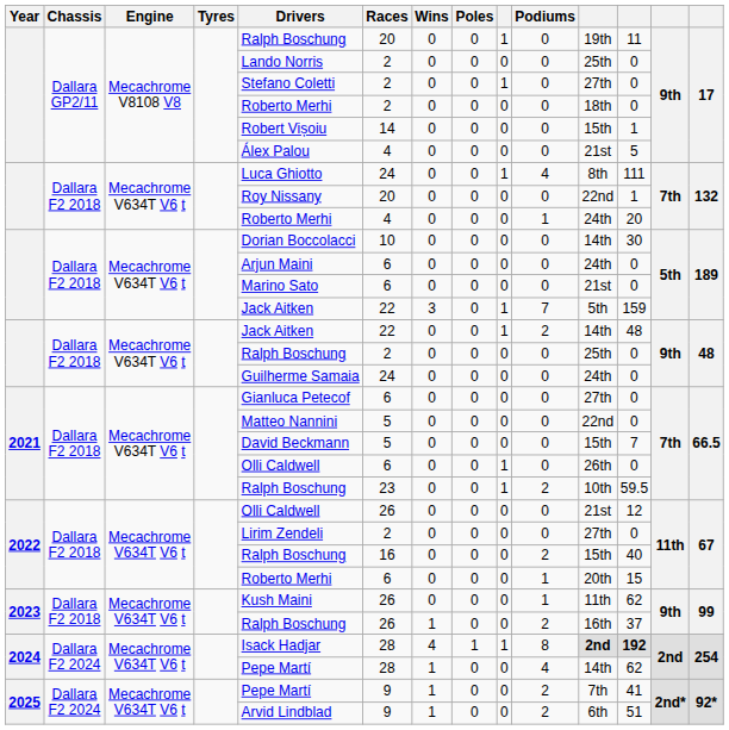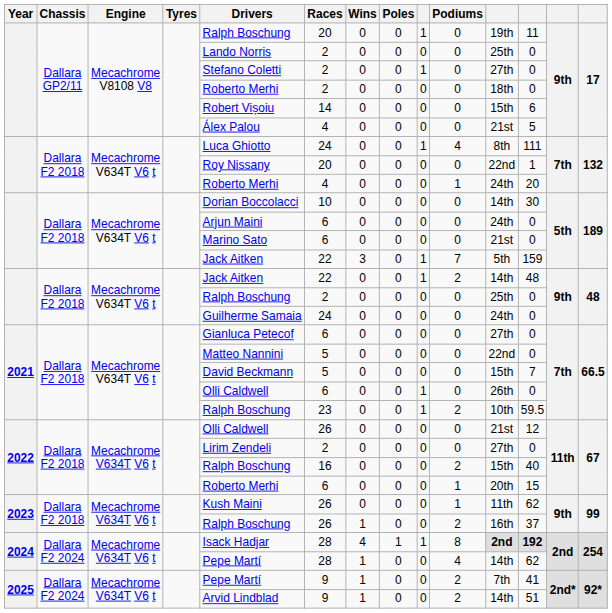 <table class="wikitable" style="text-align:center; font-size:85%">
 <tr>
 <th>Year</th>
 <th>Chassis</th>
 <th>Engine</th>
 <th>Tyres</th>
 <th>Drivers</th>
 <th>Races</th>
 <th>Wins</th>
 <th>Poles</th>
 <th></th>
 <th>Podiums</th>
 <th></th>
 <th></th>
 <th></th>
 <th></th>
 </tr>
 <tr>
 <th rowspan=6></th>
 <td rowspan=6><a href='#'>Dallara</a><br><a href='#'>GP2/11</a></td>
 <td rowspan=6><a href='#'>Mecachrome</a><br>V8108 <a href='#'>V8</a></td>
 <td rowspan=6></td>
 <td align=left> <a href='#'>Ralph Boschung</a></td>
 <td>20</td>
 <td>0</td>
 <td>0</td>
 <td>1</td>
 <td>0</td>
 <td>19th</td>
 <td>11</td>
 <th rowspan=6>9th</th>
 <th rowspan=6>17</th>
 </tr>
 <tr>
 <td align=left> <a href='#'>Lando Norris</a></td>
 <td>2</td>
 <td>0</td>
 <td>0</td>
 <td>0</td>
 <td>0</td>
 <td>25th</td>
 <td>0</td>
 </tr>
 <tr>
 <td align=left> <a href='#'>Stefano Coletti</a></td>
 <td>2</td>
 <td>0</td>
 <td>0</td>
 <td>1</td>
 <td>0</td>
 <td>27th</td>
 <td>0</td>
 </tr>
 <tr>
 <td align=left> <a href='#'>Roberto Merhi</a></td>
 <td>2</td>
 <td>0</td>
 <td>0</td>
 <td>0</td>
 <td>0</td>
 <td>18th</td>
 <td>0</td>
 </tr>
 <tr>
 <td align=left> <a href='#'>Robert Vișoiu</a></td>
 <td>14</td>
 <td>0</td>
 <td>0</td>
 <td>0</td>
 <td>0</td>
 <td>15th</td>
-<td>1</td>
+<td>6</td>
 </tr>
 <tr>
 <td align=left> <a href='#'>Álex Palou</a></td>
 <td>4</td>
 <td>0</td>
 <td>0</td>
 <td>0</td>
 <td>0</td>
 <td>21st</td>
 <td>5</td>
 </tr>
 <tr>
 <th rowspan=3></th>
 <td rowspan=3><a href='#'>Dallara</a><br><a href='#'>F2 2018</a></td>
 <td rowspan=3><a href='#'>Mecachrome</a><br>V634T <a href='#'>V6</a> <a href='#'>t</a></td>
 <td rowspan=3></td>
 <td align=left> <a href='#'>Luca Ghiotto</a></td>
 <td>24</td>
 <td>0</td>
 <td>0</td>
 <td>1</td>
 <td>4</td>
 <td>8th</td>
 <td>111</td>
 <th rowspan=3>7th</th>
 <th rowspan=3>132</th>
 </tr>
 <tr>
 <td align=left> <a href='#'>Roy Nissany</a></td>
 <td>20</td>
 <td>0</td>
 <td>0</td>
 <td>0</td>
 <td>0</td>
 <td>22nd</td>
 <td>1</td>
 </tr>
 <tr>
 <td align=left> <a href='#'>Roberto Merhi</a></td>
 <td>4</td>
 <td>0</td>
 <td>0</td>
 <td>0</td>
 <td>1</td>
 <td>24th</td>
 <td>20</td>
 </tr>
 <tr>
 <th rowspan=4></th>
 <td rowspan=4><a href='#'>Dallara</a><br><a href='#'>F2 2018</a></td>
 <td rowspan=4><a href='#'>Mecachrome</a><br>V634T <a href='#'>V6</a> <a href='#'>t</a></td>
 <td rowspan=4></td>
 <td align=left> <a href='#'>Dorian Boccolacci</a></td>
 <td>10</td>
 <td>0</td>
 <td>0</td>
 <td>0</td>
 <td>0</td>
 <td>14th</td>
 <td>30</td>
 <th rowspan=4>5th</th>
 <th rowspan=4>189</th>
 </tr>
 <tr>
 <td align=left> <a href='#'>Arjun Maini</a></td>
 <td>6</td>
 <td>0</td>
 <td>0</td>
 <td>0</td>
 <td>0</td>
 <td>24th</td>
 <td>0</td>
 </tr>
 <tr>
 <td align=left> <a href='#'>Marino Sato</a></td>
 <td>6</td>
 <td>0</td>
 <td>0</td>
 <td>0</td>
 <td>0</td>
 <td>21st</td>
 <td>0</td>
 </tr>
 <tr>
 <td align=left> <a href='#'>Jack Aitken</a></td>
 <td>22</td>
 <td>3</td>
 <td>0</td>
 <td>1</td>
 <td>7</td>
 <td>5th</td>
 <td>159</td>
 </tr>
 <tr>
 <th rowspan=3></th>
 <td rowspan=3><a href='#'>Dallara</a><br><a href='#'>F2 2018</a></td>
 <td rowspan=3><a href='#'>Mecachrome</a><br>V634T <a href='#'>V6</a> <a href='#'>t</a></td>
 <td rowspan=3></td>
 <td align=left> <a href='#'>Jack Aitken</a></td>
 <td>22</td>
 <td>0</td>
 <td>0</td>
 <td>1</td>
 <td>2</td>
 <td>14th</td>
 <td>48</td>
 <th rowspan=3>9th</th>
 <th rowspan=3>48</th>
 </tr>
 <tr>
 <td align=left> <a href='#'>Ralph Boschung</a></td>
 <td>2</td>
 <td>0</td>
 <td>0</td>
 <td>0</td>
 <td>0</td>
 <td>25th</td>
 <td>0</td>
 </tr>
 <tr>
 <td align=left> <a href='#'>Guilherme Samaia</a></td>
 <td>24</td>
 <td>0</td>
 <td>0</td>
 <td>0</td>
 <td>0</td>
 <td>24th</td>
 <td>0</td>
 </tr>
 <tr>
 <th rowspan=5><a href='#'>2021</a></th>
 <td rowspan=5><a href='#'>Dallara</a><br><a href='#'>F2 2018</a></td>
 <td rowspan=5><a href='#'>Mecachrome</a><br>V634T <a href='#'>V6</a> <a href='#'>t</a></td>
 <td rowspan=5></td>
 <td align=left> <a href='#'>Gianluca Petecof</a></td>
 <td>6</td>
 <td>0</td>
 <td>0</td>
 <td>0</td>
 <td>0</td>
 <td>27th</td>
 <td>0</td>
 <th rowspan=5>7th</th>
 <th rowspan=5>66.5</th>
 </tr>
 <tr>
 <td align=left> <a href='#'>Matteo Nannini</a></td>
 <td>5</td>
 <td>0</td>
 <td>0</td>
 <td>0</td>
 <td>0</td>
 <td>22nd</td>
 <td>0</td>
 </tr>
 <tr>
 <td align=left> <a href='#'>David Beckmann</a></td>
 <td>5</td>
 <td>0</td>
 <td>0</td>
 <td>0</td>
 <td>0</td>
 <td>15th</td>
 <td>7</td>
 </tr>
 <tr>
 <td align=left> <a href='#'>Olli Caldwell</a></td>
 <td>6</td>
 <td>0</td>
 <td>0</td>
 <td>1</td>
 <td>0</td>
 <td>26th</td>
 <td>0</td>
 </tr>
 <tr>
 <td align=left> <a href='#'>Ralph Boschung</a></td>
 <td>23</td>
 <td>0</td>
 <td>0</td>
 <td>1</td>
 <td>2</td>
 <td>10th</td>
 <td>59.5</td>
 </tr>
 <tr>
 <th rowspan=4><a href='#'>2022</a></th>
 <td rowspan=4><a href='#'>Dallara</a><br><a href='#'>F2 2018</a></td>
 <td rowspan=4><a href='#'>Mecachrome</a><br><a href='#'>V634T</a> <a href='#'>V6</a> <a href='#'>t</a></td>
 <td rowspan=4></td>
 <td align=left> <a href='#'>Olli Caldwell</a></td>
 <td>26</td>
 <td>0</td>
 <td>0</td>
 <td>0</td>
 <td>0</td>
 <td style="background:;">21st</td>
 <td style="background:;">12</td>
 <th rowspan=4 style="background:;">11th</th>
 <th rowspan=4 style="background:;">67</th>
 </tr>
 <tr>
 <td align=left> <a href='#'>Lirim Zendeli</a></td>
 <td>2</td>
 <td>0</td>
 <td>0</td>
 <td>0</td>
 <td>0</td>
 <td>27th</td>
 <td>0</td>
 </tr>
 <tr>
 <td align=left> <a href='#'>Ralph Boschung</a></td>
 <td>16</td>
 <td>0</td>
 <td>0</td>
 <td>0</td>
 <td>2</td>
 <td>15th</td>
 <td>40</td>
 </tr>
 <tr>
 <td align=left> <a href='#'>Roberto Merhi</a></td>
 <td>6</td>
 <td>0</td>
 <td>0</td>
 <td>0</td>
 <td>1</td>
 <td>20th</td>
 <td>15</td>
 </tr>
 <tr>
 <th rowspan="2"><a href='#'>2023</a></th>
 <td rowspan=2><a href='#'>Dallara</a><br><a href='#'>F2 2018</a></td>
 <td rowspan=2><a href='#'>Mecachrome</a><br><a href='#'>V634T</a> <a href='#'>V6</a> <a href='#'>t</a></td>
 <td rowspan=2></td>
 <td align=left> <a href='#'>Kush Maini</a></td>
 <td>26</td>
 <td>0</td>
 <td>0</td>
 <td>0</td>
 <td>1</td>
 <td style="background:#;">11th</td>
 <td style="background:#;">62</td>
 <th rowspan="2" style="background:#;">9th</th>
 <th rowspan="2" style="background:#;">99</th>
 </tr>
 <tr>
 <td align=left> <a href='#'>Ralph Boschung</a></td>
 <td>26</td>
 <td>1</td>
 <td>0</td>
 <td>0</td>
 <td>2</td>
 <td style="background:#;">16th</td>
 <td style="background:#;">37</td>
 </tr>
 <tr>
 <th rowspan="2"><a href='#'>2024</a></th>
 <td rowspan=2><a href='#'>Dallara</a><br><a href='#'>F2 2024</a></td>
 <td rowspan=2><a href='#'>Mecachrome</a><br><a href='#'>V634T</a> <a href='#'>V6</a> <a href='#'>t</a></td>
 <td rowspan=2></td>
 <td align=left> <a href='#'>Isack Hadjar</a></td>
 <td>28</td>
 <td>4</td>
 <td>1</td>
 <td>1</td>
 <td>8</td>
 <td style="background:#DFDFDF;"><strong>2nd</strong></td>
 <td style="background:#DFDFDF;"><strong>192</strong></td>
 <th rowspan="2" style="background:#DFDFDF;">2nd</th>
 <th rowspan="2" style="background:#DFDFDF;">254</th>
 </tr>
 <tr>
 <td align=left> <a href='#'>Pepe Martí</a></td>
 <td>28</td>
 <td>1</td>
 <td>0</td>
 <td>0</td>
 <td>4</td>
 <td style="background:#;">14th</td>
 <td style="background:#;">62</td>
 </tr>
 <tr>
 <th rowspan="2"><a href='#'>2025</a></th>
 <td rowspan=2><a href='#'>Dallara</a><br><a href='#'>F2 2024</a></td>
 <td rowspan=2><a href='#'>Mecachrome</a><br><a href='#'>V634T</a> <a href='#'>V6</a> <a href='#'>t</a></td>
 <td rowspan=2></td>
 <td align=left> <a href='#'>Pepe Martí</a></td>
 <td>9</td>
 <td>1</td>
 <td>0</td>
 <td>0</td>
 <td>2</td>
 <td style="background:#;">7th</td>
 <td style="background:#;">41</td>
 <th rowspan="2" style="background:#DFDFDF;">2nd*</th>
 <th rowspan="2" style="background:#DFDFDF;">92*</th>
 </tr>
 <tr>
 <td align=left> <a href='#'>Arvid Lindblad</a></td>
 <td>9</td>
 <td>1</td>
 <td>0</td>
 <td>0</td>
 <td>2</td>
-<td style="background:#;">6th</td>
+<td style="background:#;">14th</td>
 <td style="background:#;">51</td>
 </tr>
 </table>
